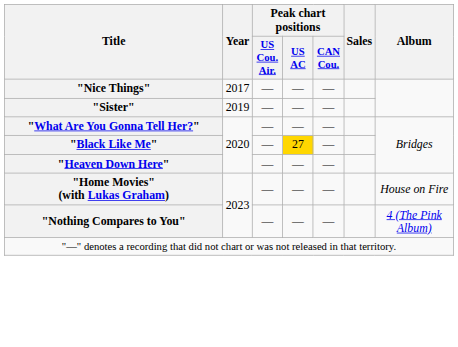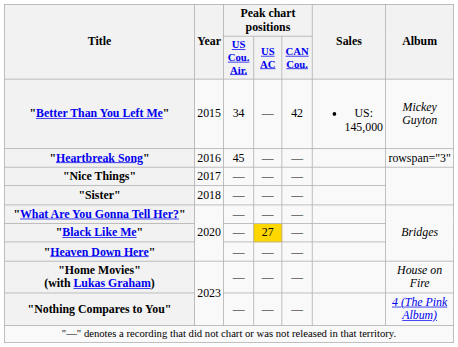 <table class="wikitable plainrowheaders" style="text-align:center;" border="1">
 <tr>
 <th scope="col" rowspan="2" style="width:18em;">Title</th>
 <th scope="col" rowspan="2">Year</th>
 <th scope="col" colspan="3">Peak chart positions</th>
 <th scope="col" rowspan="2">Sales</th>
 <th scope="col" rowspan="2">Album</th>
 </tr>
 <tr>
 <th scope="col" style="width:2.4em;font-size:90%;"><a href='#'>US<br>Cou.<br>Air.</a><br></th>
 <th scope="col" style="width:2.4em;font-size:90%;"><a href='#'>US<br>AC</a><br></th>
 <th scope="col" style="width:2.4em;font-size:90%;"><a href='#'>CAN<br>Cou.</a><br></th>
 </tr>
 <tr>
+<th scope="row">"<a href='#'>Better Than You Left Me</a>"</th>
+<td>2015</td>
+<td>34</td>
+<td>—</td>
+<td>42</td>
+<td><br><ul><li>US: 145,000</li></ul></td>
+<td><em>Mickey Guyton</em></td>
+</tr>
+<tr>
+<th scope="row">"<a href='#'>Heartbreak Song</a>"</th>
+<td>2016</td>
+<td>45</td>
+<td>—</td>
+<td>—</td>
+<td></td>
+<td>rowspan="3" </td>
+</tr>
+<tr>
 <th scope="row">"Nice Things"</th>
 <td>2017</td>
 <td>—</td>
 <td>—</td>
 <td>—</td>
 <td></td>
 </tr>
 <tr>
 <th scope="row">"Sister"</th>
-<td>2019</td>
+<td>2018</td>
 <td>—</td>
 <td>—</td>
 <td>—</td>
 <td></td>
 </tr>
 <tr>
 <th scope="row">"<a href='#'>What Are You Gonna Tell Her?</a>"</th>
 <td rowspan="3">2020</td>
 <td>—</td>
 <td>—</td>
 <td>—</td>
 <td></td>
 <td rowspan="3"><em>Bridges</em></td>
 </tr>
 <tr>
 <th scope="row">"<a href='#'>Black Like Me</a>"</th>
 <td>—</td>
 <td style="background: gold;">27</td>
 <td>—</td>
 <td></td>
 </tr>
 <tr>
 <th scope="row">"<a href='#'>Heaven Down Here</a>"</th>
 <td>—</td>
 <td>—</td>
 <td>—</td>
 <td></td>
 </tr>
 <tr>
 <th scope="row">"Home Movies"<br><span>(with <a href='#'>Lukas Graham</a>)</span></th>
 <td rowspan="2">2023</td>
 <td>—</td>
 <td>—</td>
 <td>—</td>
 <td></td>
 <td><em>House on Fire</em></td>
 </tr>
 <tr>
 <th scope="row">"Nothing Compares to You"<br></th>
 <td>—</td>
 <td>—</td>
 <td>—</td>
 <td></td>
 <td><em><a href='#'>4 (The Pink Album)</a></em></td>
 </tr>
 <tr>
 <td colspan="7" style="font-size:90%">"—" denotes a recording that did not chart or was not released in that territory.</td>
 </tr>
 </table>
